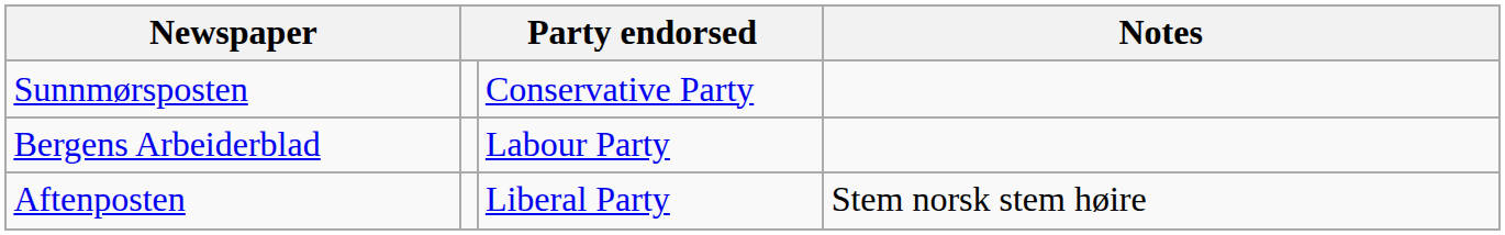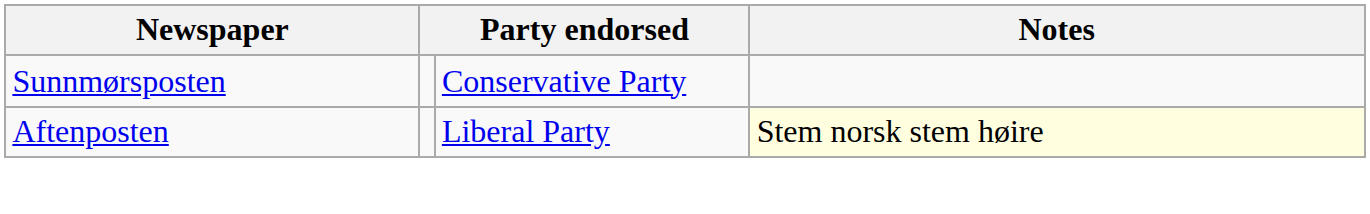 <table class="wikitable">
 <tr>
 <th width=200px>Newspaper</th>
 <th colspan=2>Party endorsed</th>
 <th width=300px>Notes</th>
 </tr>
 <tr>
 <td><a href='#'>Sunnmørsposten</a></td>
 <td style="background-color: "></td>
 <td width="150px"><a href='#'>Conservative Party</a></td>
 <td></td>
 </tr>
 <tr>
-<td><a href='#'>Bergens Arbeiderblad</a></td>
-<td style="background-color: "></td>
-<td width="150px"><a href='#'>Labour Party</a></td>
-<td></td>
-</tr>
-<tr>
 <td><a href='#'>Aftenposten</a></td>
 <td style="background-color: "></td>
 <td width="150px"><a href='#'>Liberal Party</a></td>
-<td>Stem norsk stem høire</td>
+<td style="background: lightyellow;">Stem norsk stem høire</td>
 </tr>
 </table>
